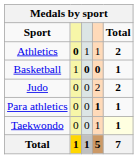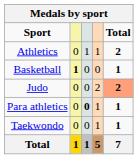 <table class="wikitable" style="font-size:85%">
 <tr style="background:#efefef;">
 <th colspan=7>Medals by sport</th>
 </tr>
 <tr align=center>
 <td><strong>Sport</strong></td>
 <td bgcolor=#f7f6a8></td>
 <td bgcolor=#dce5e5></td>
 <td bgcolor=#ffdab9></td>
 <td><strong>Total</strong></td>
 </tr>
 <tr align=center>
 <td><a href='#'>Athletics</a></td>
-<td style="background:#F7F6A8;"><strong>0</strong></td>
+<td style="background:#F7F6A8;">0</td>
 <td style="background:#DCE5E5;">1</td>
 <td style="background:#FFDAB9;">1</td>
 <td><strong>2</strong></td>
 </tr>
 <tr align=center>
 <td><a href='#'>Basketball</a></td>
-<td style="background:#F7F6A8;">1</td>
-<td style="background:#DCE5E5;"><strong>0</strong></td>
-<td style="background:#FFDAB9;"><strong>0</strong></td>
+<td style="background:#F7F6A8;"><strong>1</strong></td>
+<td style="background:#DCE5E5;">0</td>
+<td style="background:#FFDAB9;">0</td>
 <td><strong>1</strong></td>
 </tr>
 <tr align=center>
 <td><a href='#'>Judo</a></td>
 <td style="background:#F7F6A8;">0</td>
 <td style="background:#DCE5E5;">0</td>
 <td style="background:#FFDAB9;">2</td>
-<td><strong>2</strong></td>
+<td style="background: lightsalmon;"><strong>2</strong></td>
 </tr>
 <tr align=center>
 <td><a href='#'>Para athletics</a></td>
 <td style="background:#F7F6A8;">0</td>
-<td style="background:#DCE5E5;">0</td>
-<td style="background:#FFDAB9;"><strong>1</strong></td>
+<td style="background:#DCE5E5;"><strong>0</strong></td>
+<td style="background:#FFDAB9;">1</td>
 <td><strong>1</strong></td>
 </tr>
 <tr align=center>
 <td><a href='#'>Taekwondo</a></td>
 <td style="background:#F7F6A8;">0</td>
 <td style="background:#DCE5E5;">0</td>
 <td style="background:#FFDAB9;">1</td>
-<td style="background: lightyellow;"><strong>1</strong></td>
+<td><strong>1</strong></td>
 </tr>
 <tr align=center>
 <th>Total</th>
 <th style="background:gold;">1</th>
 <th style="background:silver;">1</th>
 <th style="background:#c96;">5</th>
 <th>7</th>
 </tr>
 </table>
